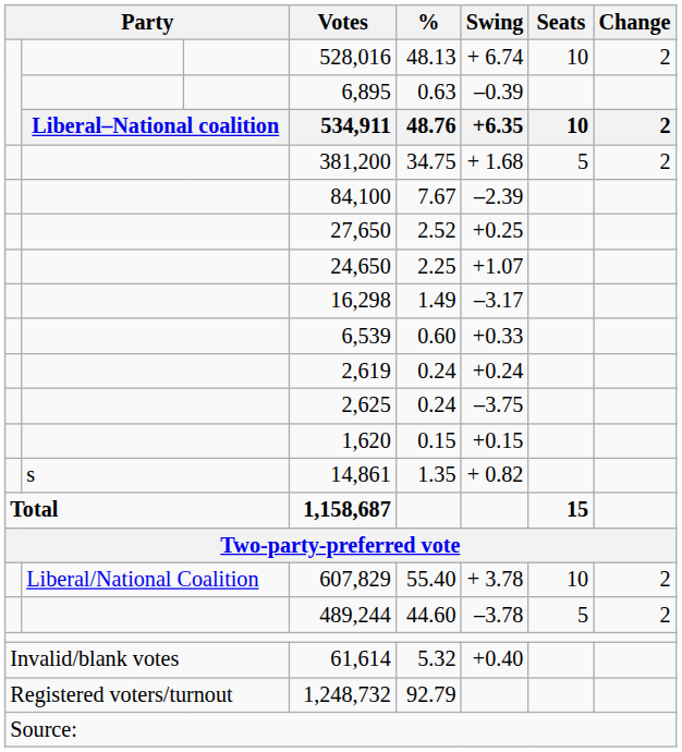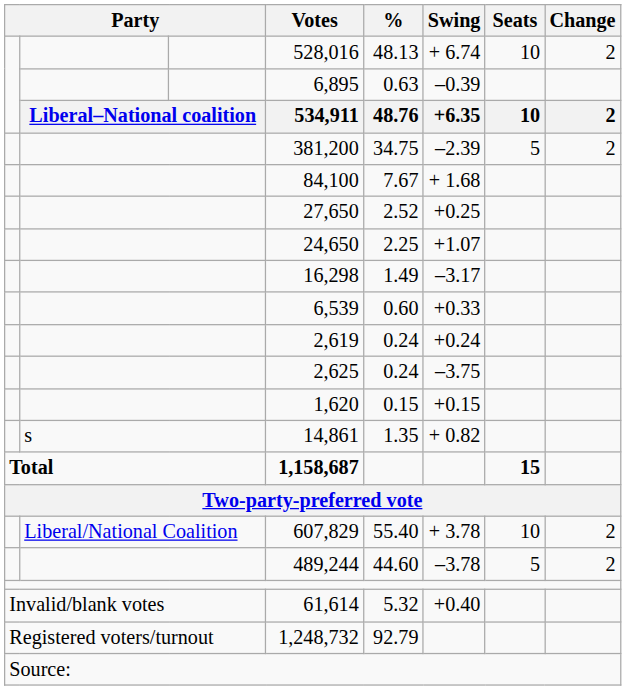 <table class="wikitable">
 <tr>
 <th style="width:200px" colspan=3>Party</th>
 <th style="width:70px; text-align:center;">Votes</th>
 <th style="width:40px; text-align:center;">%</th>
 <th style="width:40px; text-align:center;">Swing</th>
 <th style="width:40px; text-align:center;">Seats</th>
 <th style="width:40px; text-align:center;">Change</th>
 </tr>
 <tr>
 <td rowspan=3></td>
 <td> </td>
 <td></td>
 <td align=right>528,016</td>
 <td align=right>48.13</td>
 <td align=right>+ 6.74</td>
 <td align=right>10</td>
 <td align=right> 2</td>
 </tr>
 <tr>
 <td> </td>
 <td></td>
 <td align=right>6,895</td>
 <td align=right>0.63</td>
 <td align=right>–0.39</td>
 <td align=right></td>
 <td align=right></td>
 </tr>
 <tr>
 <th colspan="2"><a href='#'>Liberal–National coalition</a></th>
 <th style="text-align:right;">534,911</th>
 <th style="text-align:right;">48.76</th>
 <th style="text-align:right;">+6.35</th>
 <th style="text-align:right;">10</th>
 <th style="text-align:right;"> 2</th>
 </tr>
 <tr>
 <td> </td>
 <td colspan="2"></td>
 <td align="right">381,200</td>
 <td align="right">34.75</td>
-<td align="right">+ 1.68</td>
+<td align="right">–2.39</td>
 <td align="right">5</td>
 <td align="right"> 2</td>
 </tr>
 <tr>
 <td> </td>
 <td colspan="2"></td>
 <td align="right">84,100</td>
 <td align="right">7.67</td>
-<td align="right">–2.39</td>
+<td align="right">+ 1.68</td>
 <td align="right"></td>
 <td align="right"></td>
 </tr>
 <tr>
 <td> </td>
 <td colspan="2"></td>
 <td align="right">27,650</td>
 <td align="right">2.52</td>
 <td align="right">+0.25</td>
 <td align="right"></td>
 <td align="right"></td>
 </tr>
 <tr>
 <td> </td>
 <td colspan="2"></td>
 <td align="right">24,650</td>
 <td align="right">2.25</td>
 <td align="right">+1.07</td>
 <td align="right"></td>
 <td align="right"></td>
 </tr>
 <tr>
 <td> </td>
 <td colspan="2"></td>
 <td align="right">16,298</td>
 <td align="right">1.49</td>
 <td align="right">–3.17</td>
 <td align="right"></td>
 <td align="right"></td>
 </tr>
 <tr>
 <td> </td>
 <td colspan="2"></td>
 <td align="right">6,539</td>
 <td align="right">0.60</td>
 <td align="right">+0.33</td>
 <td align="right"></td>
 <td align="right"></td>
 </tr>
 <tr>
 <td> </td>
 <td colspan="2"></td>
 <td align="right">2,619</td>
 <td align="right">0.24</td>
 <td align="right">+0.24</td>
 <td align="right"></td>
 <td align="right"></td>
 </tr>
 <tr>
 <td> </td>
 <td colspan="2"></td>
 <td align="right">2,625</td>
 <td align="right">0.24</td>
 <td align="right">–3.75</td>
 <td align="right"></td>
 <td align="right"></td>
 </tr>
 <tr>
 <td> </td>
 <td colspan="2"></td>
 <td align="right">1,620</td>
 <td align="right">0.15</td>
 <td align="right">+0.15</td>
 <td align="right"></td>
 <td align="right"></td>
 </tr>
 <tr>
 <td> </td>
 <td colspan="2">s</td>
 <td align="right">14,861</td>
 <td align="right">1.35</td>
 <td align="right">+ 0.82</td>
 <td align="right"></td>
 <td align="right"></td>
 </tr>
 <tr>
 <td colspan="3" align="left"><strong>Total</strong></td>
 <td align="right"><strong>1,158,687	</strong></td>
 <td align="right"></td>
 <td></td>
 <td align="right"><strong>15</strong></td>
 <td></td>
 </tr>
 <tr>
 <th colspan="8"><a href='#'>Two-party-preferred vote</a></th>
 </tr>
 <tr>
 <td> </td>
 <td colspan="2" align="left"><a href='#'>Liberal/National Coalition</a></td>
 <td align="right">607,829</td>
 <td align="right">55.40</td>
 <td align="right">+ 3.78</td>
 <td align="right">10</td>
 <td align="right"> 2</td>
 </tr>
 <tr>
 <td> </td>
 <td colspan="2" align="left"></td>
 <td align="right">489,244</td>
 <td align="right">44.60</td>
 <td align="right">–3.78</td>
 <td align="right">5</td>
 <td align="right"> 2</td>
 </tr>
 <tr>
 <td colspan="8"></td>
 </tr>
 <tr>
 <td colspan="3" align="left">Invalid/blank votes</td>
 <td align="right">61,614</td>
 <td align="right">5.32</td>
 <td align="right">+0.40</td>
 <td></td>
 <td></td>
 </tr>
 <tr>
 <td colspan="3" align="left">Registered voters/turnout</td>
 <td align="right">1,248,732</td>
 <td align="right">92.79</td>
 <td></td>
 <td></td>
 <td></td>
 </tr>
 <tr>
 <td colspan="8" align="left">Source: </td>
 </tr>
 </table>
